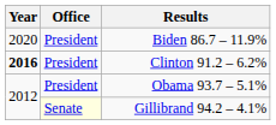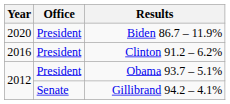 <table class=wikitable>
 <tr>
 <th width="30">Year</th>
 <th width="60">Office</th>
 <th width="180">Results</th>
 </tr>
 <tr>
 <td>2020</td>
 <td><a href='#'>President</a></td>
 <td align="right" ><a href='#'>Biden</a> 86.7 – 11.9%</td>
 </tr>
 <tr>
-<td><strong>2016</strong></td>
+<td>2016</td>
 <td><a href='#'>President</a></td>
 <td align="right" ><a href='#'>Clinton</a> 91.2 – 6.2%</td>
 </tr>
 <tr>
 <td rowspan="2">2012</td>
 <td><a href='#'>President</a></td>
 <td align="right" ><a href='#'>Obama</a> 93.7 – 5.1%</td>
 </tr>
 <tr>
-<td style="background: lightyellow;"><a href='#'>Senate</a></td>
+<td><a href='#'>Senate</a></td>
 <td align="right" ><a href='#'>Gillibrand</a> 94.2 – 4.1%</td>
 </tr>
 </table>
